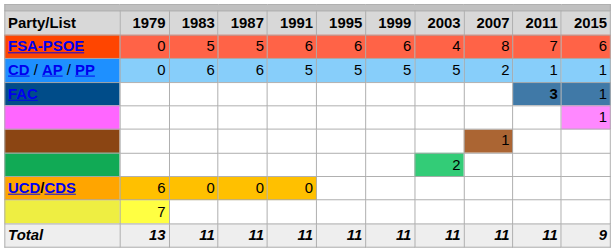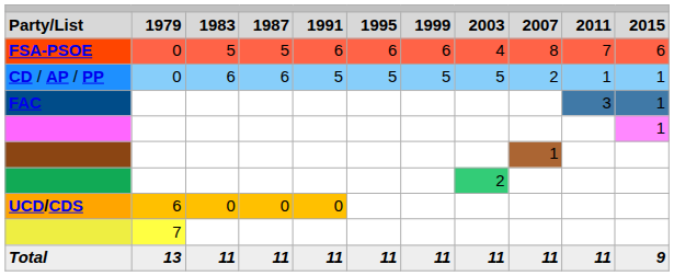 <table class="wikitable" style="margin:0 auto">
 <tr>
 <td colspan="11" width="644px" bgcolor="#C0C0C0"></td>
 </tr>
 <tr bgcolor="#D8D8D8">
 <td><strong>Party/List</strong></td>
 <td align="right"><strong>1979</strong></td>
 <td align="right"><strong>1983</strong></td>
 <td align="right"><strong>1987</strong></td>
 <td align="right"><strong>1991</strong></td>
 <td align="right"><strong>1995</strong></td>
 <td align="right"><strong>1999</strong></td>
 <td align="right"><strong>2003</strong></td>
 <td align="right"><strong>2007</strong></td>
 <td align="right"><strong>2011</strong></td>
 <td align="right"><strong>2015</strong></td>
 </tr>
 <tr>
 <td bgcolor="#FF4500"><strong><a href='#'><span>FSA-PSOE</span></a></strong></td>
 <td bgcolor="#FF6347" align="right">0</td>
 <td bgcolor="#FF6347" align="right">5</td>
 <td bgcolor="#FF6347" align="right">5</td>
 <td bgcolor="#FF6347" align="right">6</td>
 <td bgcolor="#FF6347" align="right">6</td>
 <td bgcolor="#FF6347" align="right">6</td>
 <td bgcolor="#FF6347" align="right">4</td>
 <td bgcolor="#FF6347" align="right">8</td>
 <td bgcolor="#FF6347" align="right">7</td>
 <td bgcolor="#FF6347" align="right">6</td>
 </tr>
 <tr>
 <td bgcolor="#1E90FF"><strong><a href='#'><span>CD</span></a></strong> / <strong><a href='#'><span>AP</span></a></strong> / <strong><a href='#'><span>PP</span></a></strong></td>
 <td bgcolor="#87CEFA" align="right">0</td>
 <td bgcolor="#87CEFA" align="right">6</td>
 <td bgcolor="#87CEFA" align="right">6</td>
 <td bgcolor="#87CEFA" align="right">5</td>
 <td bgcolor="#87CEFA" align="right">5</td>
 <td bgcolor="#87CEFA" align="right">5</td>
 <td bgcolor="#87CEFA" align="right">5</td>
 <td bgcolor="#87CEFA" align="right">2</td>
 <td bgcolor="#87CEFA" align="right">1</td>
 <td bgcolor="#87CEFA" align="right">1</td>
 </tr>
 <tr>
 <td bgcolor="#004C89"><strong><a href='#'><span>FAC</span></a></strong></td>
 <td bgcolor="#ffffff" align="right"></td>
 <td bgcolor="#ffffff" align="right"></td>
 <td bgcolor="#ffffff" align="right"></td>
 <td bgcolor="#ffffff" align="right"></td>
 <td bgcolor="#ffffff" align="right"></td>
 <td bgcolor="#ffffff" align="right"></td>
 <td bgcolor="#ffffff" align="right"></td>
 <td bgcolor="#ffffff" align="right"></td>
-<td bgcolor="#4079A7" align="right"><strong>3</strong></td>
+<td bgcolor="#4079A7" align="right">3</td>
 <td bgcolor="#4079A7" align="right">1</td>
 </tr>
 <tr>
 <td bgcolor="#FF66FF"><strong><span></span></strong></td>
 <td bgcolor="#ffffff" align="right"></td>
 <td bgcolor="#ffffff" align="right"></td>
 <td bgcolor="#ffffff" align="right"></td>
 <td bgcolor="#ffffff" align="right"></td>
 <td bgcolor="#ffffff" align="right"></td>
 <td bgcolor="#ffffff" align="right"></td>
 <td bgcolor="#ffffff" align="right"></td>
 <td bgcolor="#ffffff" align="right"></td>
 <td bgcolor="#ffffff" align="right"></td>
 <td bgcolor="#FF88FF" align="right">1</td>
 </tr>
 <tr>
 <td bgcolor="#8B4513"><strong><span></span></strong></td>
 <td bgcolor="#ffffff" align="right"></td>
 <td bgcolor="#ffffff" align="right"></td>
 <td bgcolor="#ffffff" align="right"></td>
 <td bgcolor="#ffffff" align="right"></td>
 <td bgcolor="#ffffff" align="right"></td>
 <td bgcolor="#ffffff" align="right"></td>
 <td bgcolor="#ffffff" align="right"></td>
 <td bgcolor="#AB6533" align="right">1</td>
 <td bgcolor="#ffffff" align="right"></td>
 <td bgcolor="#ffffff" align="right"></td>
 </tr>
 <tr>
 <td bgcolor="#11AA55"><strong><span></span></strong></td>
 <td bgcolor="#FFFFff"  align="right"></td>
 <td bgcolor="#FFFFff"  align="right"></td>
 <td bgcolor="#FFFFff"  align="right"></td>
 <td bgcolor="#FFFFff"  align="right"></td>
 <td bgcolor="#FFFFff"  align="right"></td>
 <td bgcolor="#FFFFff"  align="right"></td>
 <td bgcolor="#33CC77"  align="right">2</td>
 <td bgcolor="#FFFFff"  align="right"></td>
 <td bgcolor="#FFFFff"  align="right"></td>
 <td bgcolor="#FFFFff"  align="right"></td>
 </tr>
 <tr>
 <td bgcolor="#FFA500"><strong><a href='#'><span>UCD</span></a>/<a href='#'><span>CDS</span></a></strong></td>
 <td bgcolor="#ffC000" align="right">6</td>
 <td bgcolor="#ffC000" align="right">0</td>
 <td bgcolor="#ffC000" align="right">0</td>
 <td bgcolor="#ffC000" align="right">0</td>
 <td bgcolor="#ffffff" align="right"></td>
 <td bgcolor="#ffffff" align="right"></td>
 <td bgcolor="#ffffff" align="right"></td>
 <td bgcolor="#ffffff" align="right"></td>
 <td bgcolor="#ffffff" align="right"></td>
 <td bgcolor="#ffffff" align="right"></td>
 </tr>
 <tr>
 <td bgcolor="#EEEE42"><strong><span></span></strong></td>
 <td bgcolor="#FFFF42"  align="right">7</td>
 <td bgcolor="#FFFFff"  align="right"></td>
 <td bgcolor="#FFFFff"  align="right"></td>
 <td bgcolor="#FFFFff"  align="right"></td>
 <td bgcolor="#FFFFff"  align="right"></td>
 <td bgcolor="#FFFFff"  align="right"></td>
 <td bgcolor="#FFFFff"  align="right"></td>
 <td bgcolor="#FFFFff"  align="right"></td>
 <td bgcolor="#FFFFff"  align="right"></td>
 <td bgcolor="#FFFFff"  align="right"></td>
 </tr>
 <tr bgcolor="#EEEEEE">
 <td><strong><em>Total</em></strong></td>
 <td align="right"><strong><em>13</em></strong></td>
 <td align="right"><strong><em>11</em></strong></td>
 <td align="right"><strong><em>11</em></strong></td>
 <td align="right"><strong><em>11</em></strong></td>
 <td align="right"><strong><em>11</em></strong></td>
 <td align="right"><strong><em>11</em></strong></td>
 <td align="right"><strong><em>11</em></strong></td>
 <td align="right"><strong><em>11</em></strong></td>
 <td align="right"><strong><em>11</em></strong></td>
 <td align="right"><strong><em>9</em></strong></td>
 </tr>
 </table>
